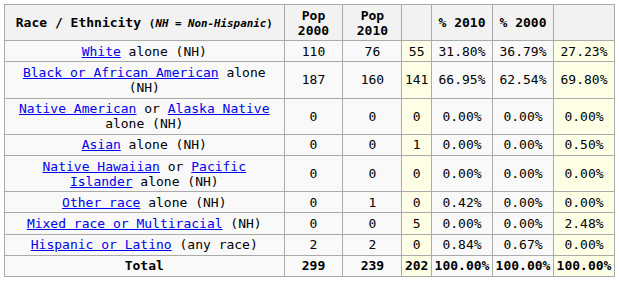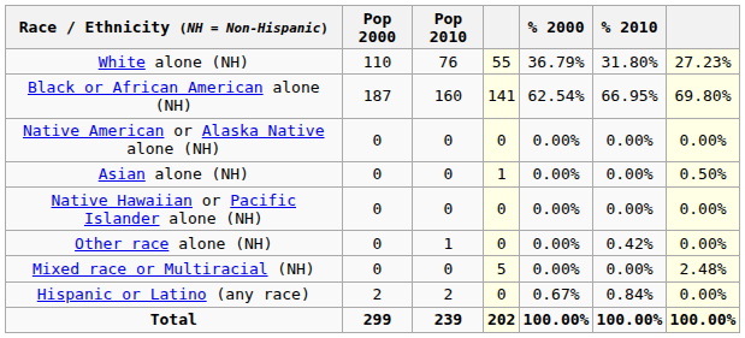 <table class="wikitable"  style="text-align:center;">
 <tr>
 <th>Race / Ethnicity <small>(<em>NH = Non-Hispanic</em>)</small></th>
 <th>Pop 2000</th>
 <th>Pop 2010</th>
 <th></th>
+<th>% 2000</th>
 <th>% 2010</th>
-<th>% 2000</th>
 <th></th>
 </tr>
 <tr>
 <td><a href='#'>White</a> alone (NH)</td>
 <td>110</td>
 <td>76</td>
 <td style='background: #ffffe6;'>55</td>
+<td>36.79%</td>
 <td>31.80%</td>
-<td>36.79%</td>
 <td style='background: #ffffe6;'>27.23%</td>
 </tr>
 <tr>
 <td><a href='#'>Black or African American</a> alone (NH)</td>
 <td>187</td>
 <td>160</td>
 <td style='background: #ffffe6;'>141</td>
+<td>62.54%</td>
 <td>66.95%</td>
-<td>62.54%</td>
 <td style='background: #ffffe6;'>69.80%</td>
 </tr>
 <tr>
 <td><a href='#'>Native American</a> or <a href='#'>Alaska Native</a> alone (NH)</td>
 <td>0</td>
 <td>0</td>
 <td style='background: #ffffe6;'>0</td>
 <td>0.00%</td>
 <td>0.00%</td>
 <td style='background: #ffffe6;'>0.00%</td>
 </tr>
 <tr>
 <td><a href='#'>Asian</a> alone (NH)</td>
 <td>0</td>
 <td>0</td>
 <td style='background: #ffffe6;'>1</td>
 <td>0.00%</td>
 <td>0.00%</td>
 <td style='background: #ffffe6;'>0.50%</td>
 </tr>
 <tr>
 <td><a href='#'>Native Hawaiian</a> or <a href='#'>Pacific Islander</a> alone (NH)</td>
 <td>0</td>
 <td>0</td>
 <td style='background: #ffffe6;'>0</td>
 <td>0.00%</td>
 <td>0.00%</td>
 <td style='background: #ffffe6;'>0.00%</td>
 </tr>
 <tr>
 <td><a href='#'>Other race</a> alone (NH)</td>
 <td>0</td>
 <td>1</td>
 <td style='background: #ffffe6;'>0</td>
+<td>0.00%</td>
 <td>0.42%</td>
-<td>0.00%</td>
 <td style='background: #ffffe6;'>0.00%</td>
 </tr>
 <tr>
 <td><a href='#'>Mixed race or Multiracial</a> (NH)</td>
 <td>0</td>
 <td>0</td>
 <td style='background: #ffffe6;'>5</td>
 <td>0.00%</td>
 <td>0.00%</td>
 <td style='background: #ffffe6;'>2.48%</td>
 </tr>
 <tr>
 <td><a href='#'>Hispanic or Latino</a> (any race)</td>
 <td>2</td>
 <td>2</td>
 <td style='background: #ffffe6;'>0</td>
+<td>0.67%</td>
 <td>0.84%</td>
-<td>0.67%</td>
 <td style='background: #ffffe6;'>0.00%</td>
 </tr>
 <tr>
 <td><strong>Total</strong></td>
 <td><strong>299</strong></td>
 <td><strong>239</strong></td>
 <td style='background: #ffffe6;'><strong>202</strong></td>
 <td><strong>100.00%</strong></td>
 <td><strong>100.00%</strong></td>
 <td style='background: #ffffe6;'><strong>100.00%</strong></td>
 </tr>
 </table>
